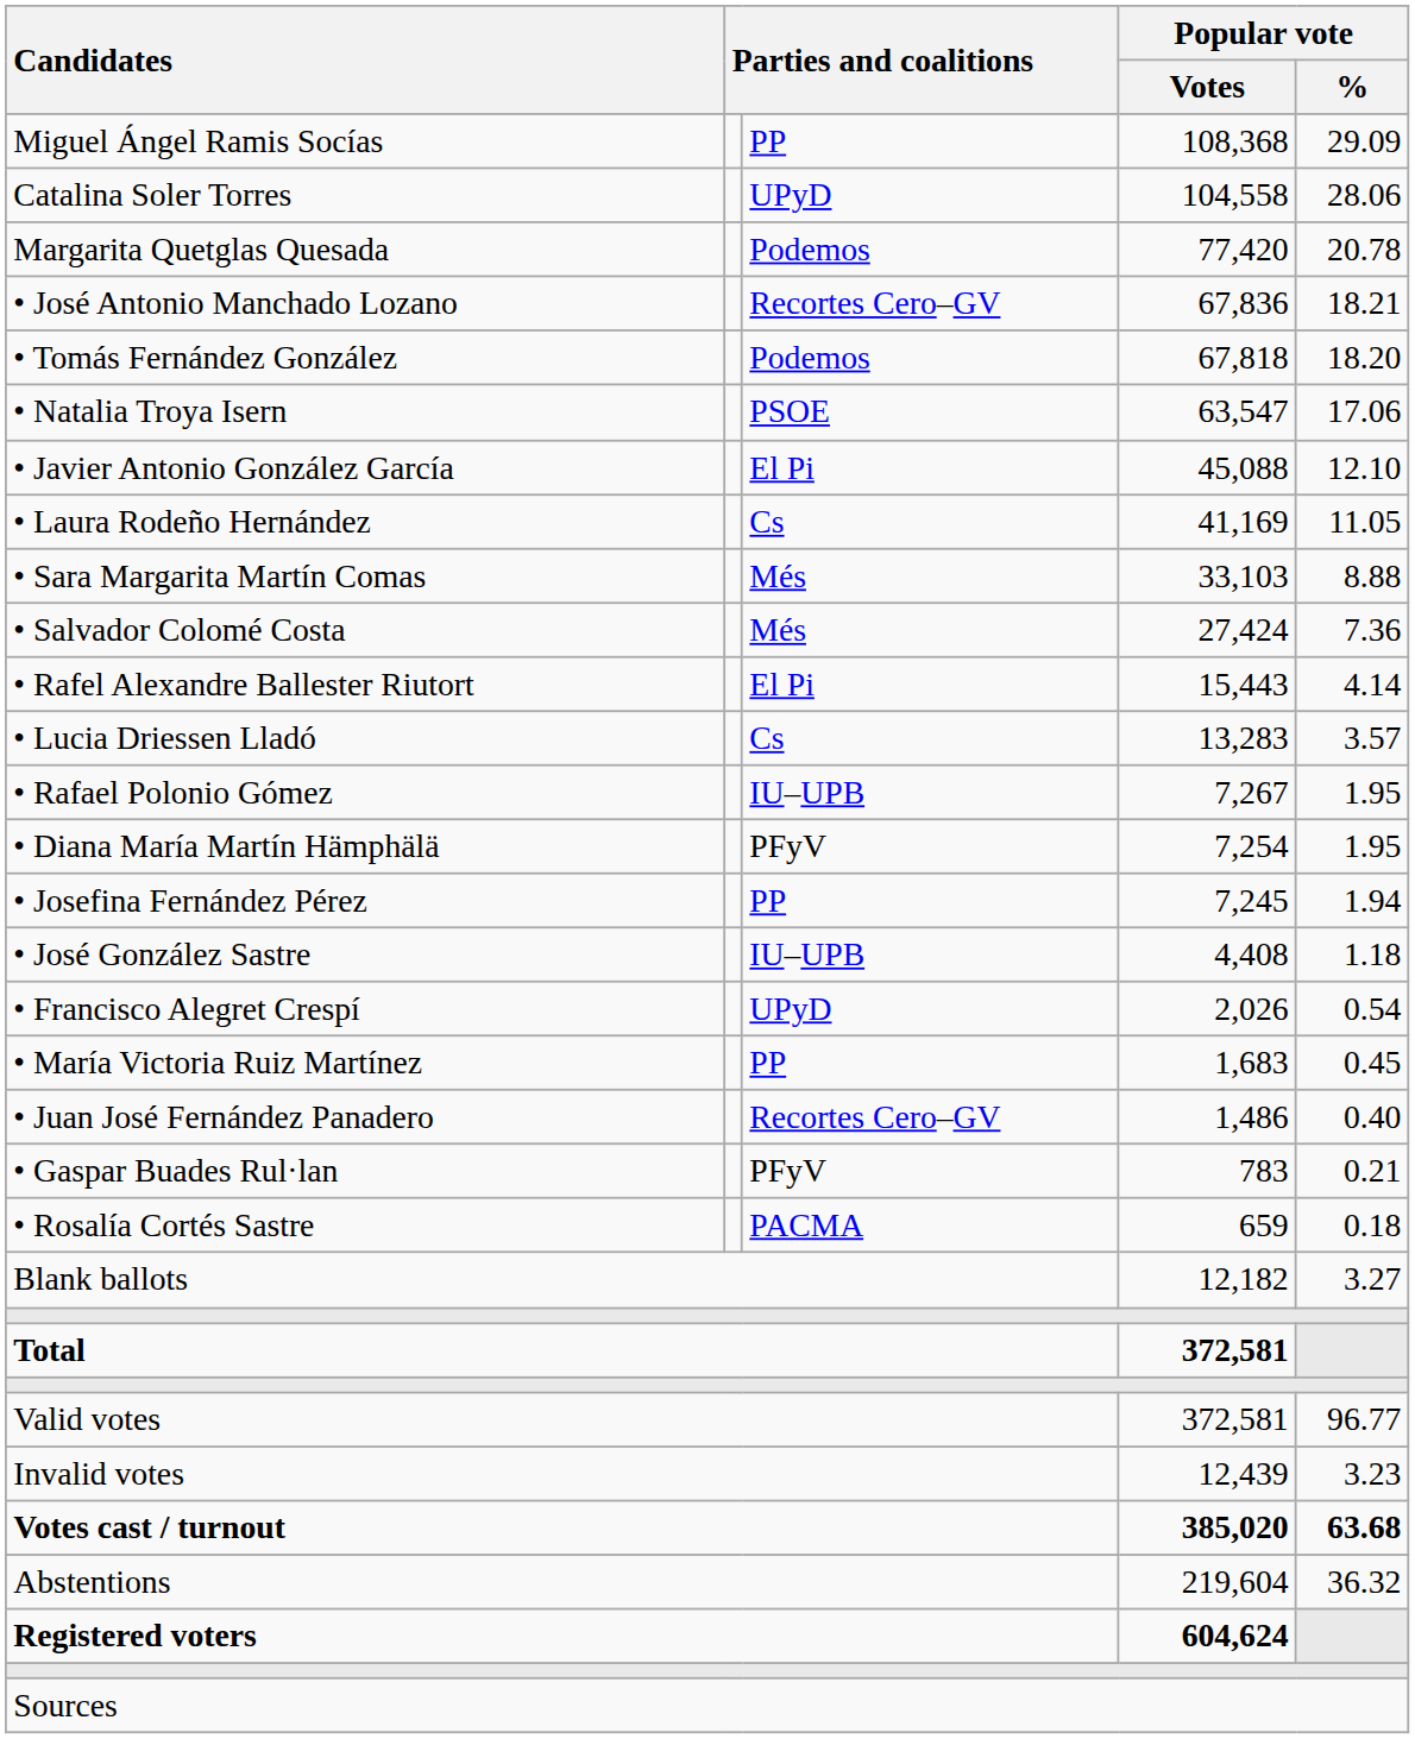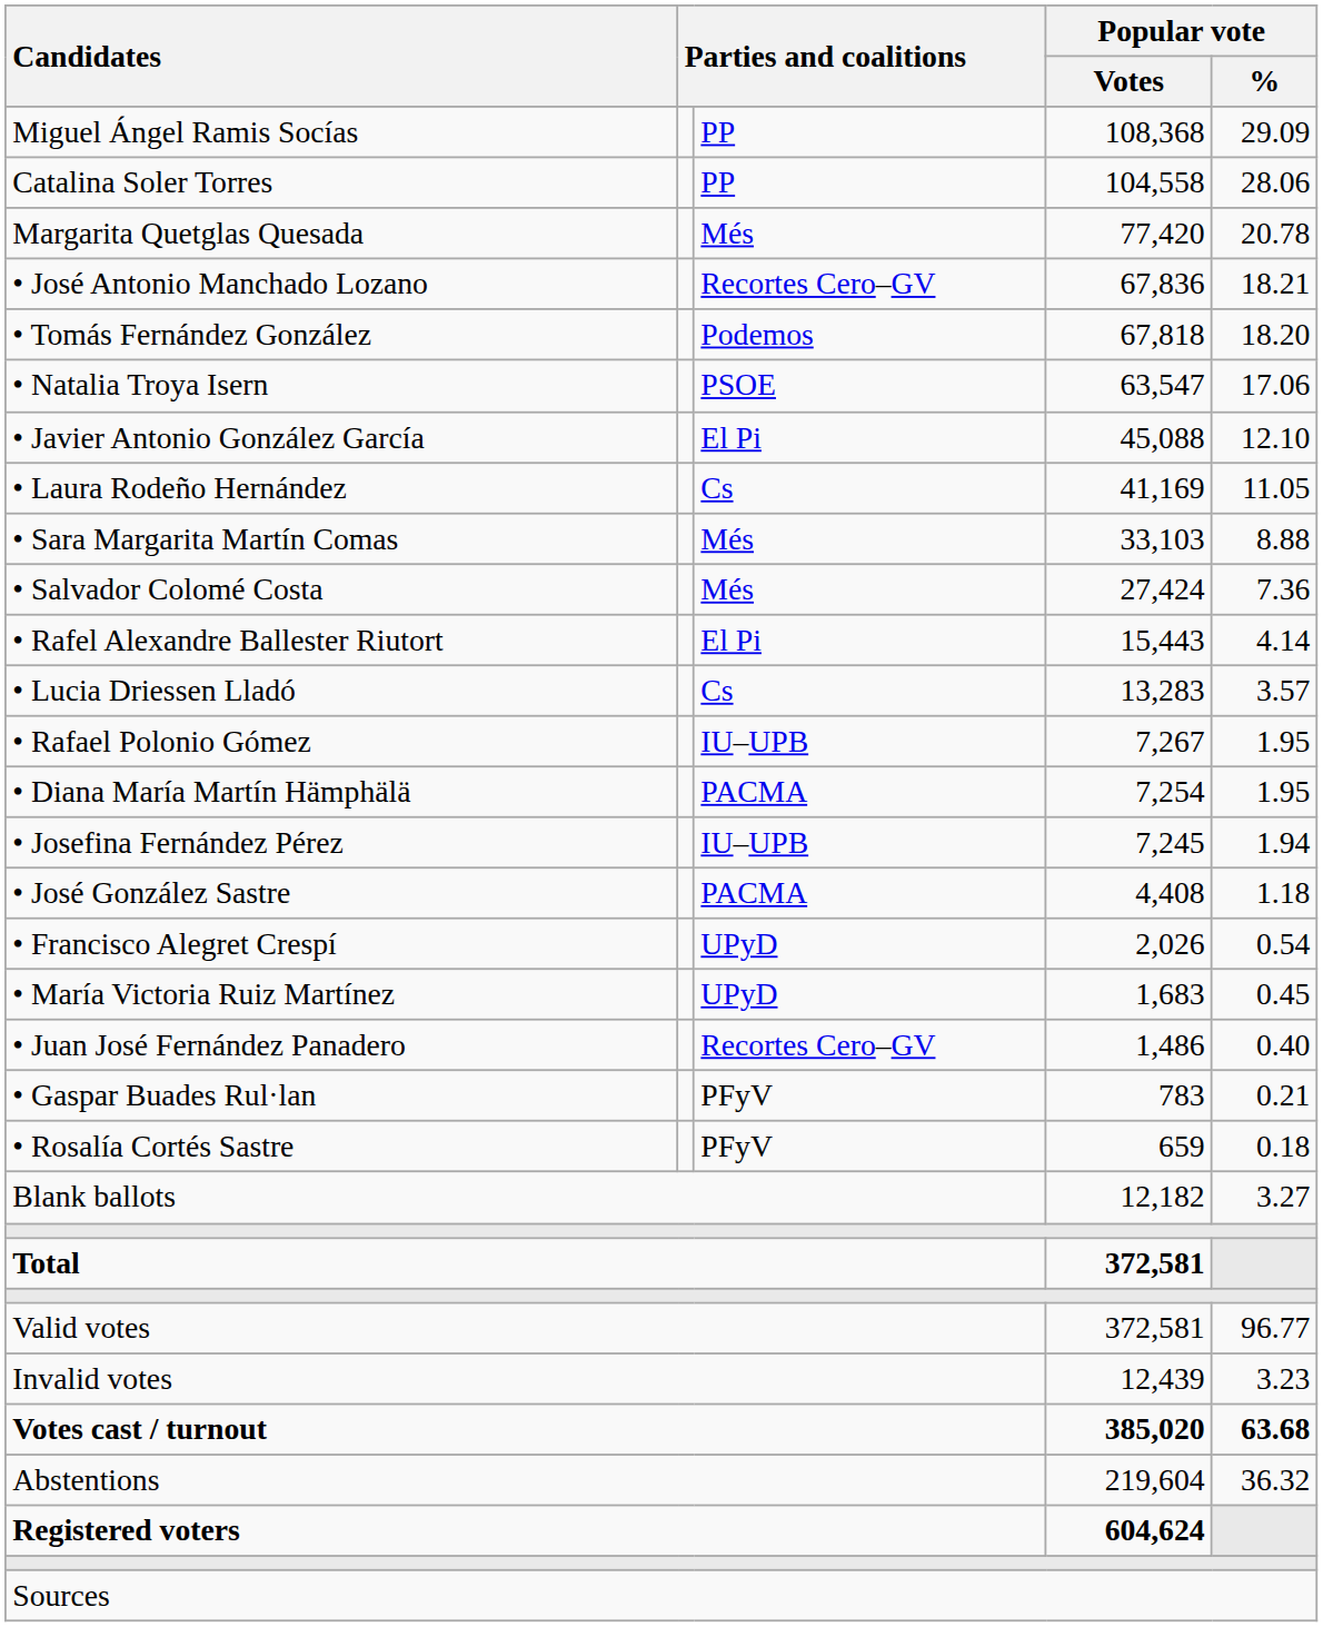 <table class="wikitable" style="text-align:right; font-size:95%;">
 <tr>
 <th style="text-align:left;" rowspan="2" width="325">Candidates</th>
 <th style="text-align:left;" rowspan="2" colspan="2" width="175">Parties and coalitions</th>
 <th colspan="2">Popular vote</th>
 </tr>
 <tr>
 <th width="75">Votes</th>
 <th width="45">%</th>
 </tr>
 <tr>
 <td align="left"> Miguel Ángel Ramis Socías</td>
 <td width="1" style="color:inherit;background:"></td>
 <td align="left"><a href='#'>PP</a></td>
 <td>108,368</td>
 <td>29.09</td>
 </tr>
 <tr>
 <td align="left"> Catalina Soler Torres</td>
 <td style="color:inherit;background:"></td>
-<td align="left"><a href='#'>UPyD</a></td>
+<td align="left"><a href='#'>PP</a></td>
 <td>104,558</td>
 <td>28.06</td>
 </tr>
 <tr>
 <td align="left"> Margarita Quetglas Quesada</td>
 <td style="color:inherit;background:"></td>
-<td align="left"><a href='#'>Podemos</a></td>
+<td align="left"><a href='#'>Més</a></td>
 <td>77,420</td>
 <td>20.78</td>
 </tr>
 <tr>
 <td align="left">• José Antonio Manchado Lozano</td>
 <td style="color:inherit;background:"></td>
 <td align="left"><a href='#'>Recortes Cero</a>–<a href='#'>GV</a></td>
 <td>67,836</td>
 <td>18.21</td>
 </tr>
 <tr>
 <td align="left">• Tomás Fernández González</td>
 <td style="color:inherit;background:"></td>
 <td align="left"><a href='#'>Podemos</a></td>
 <td>67,818</td>
 <td>18.20</td>
 </tr>
 <tr>
 <td align="left">• Natalia Troya Isern</td>
 <td style="color:inherit;background:"></td>
 <td align="left"><a href='#'>PSOE</a></td>
 <td>63,547</td>
 <td>17.06</td>
 </tr>
 <tr>
 <td align="left">• Javier Antonio González García</td>
 <td style="color:inherit;background:"></td>
 <td align="left"><a href='#'>El Pi</a></td>
 <td>45,088</td>
 <td>12.10</td>
 </tr>
 <tr>
 <td align="left">• Laura Rodeño Hernández</td>
 <td style="color:inherit;background:"></td>
 <td align="left"><a href='#'>Cs</a></td>
 <td>41,169</td>
 <td>11.05</td>
 </tr>
 <tr>
 <td align="left">• Sara Margarita Martín Comas</td>
 <td style="color:inherit;background:"></td>
 <td align="left"><a href='#'>Més</a></td>
 <td>33,103</td>
 <td>8.88</td>
 </tr>
 <tr>
 <td align="left">• Salvador Colomé Costa</td>
 <td style="color:inherit;background:"></td>
 <td align="left"><a href='#'>Més</a></td>
 <td>27,424</td>
 <td>7.36</td>
 </tr>
 <tr>
 <td align="left">• Rafel Alexandre Ballester Riutort</td>
 <td style="color:inherit;background:"></td>
 <td align="left"><a href='#'>El Pi</a></td>
 <td>15,443</td>
 <td>4.14</td>
 </tr>
 <tr>
 <td align="left">• Lucia Driessen Lladó</td>
 <td style="color:inherit;background:"></td>
 <td align="left"><a href='#'>Cs</a></td>
 <td>13,283</td>
 <td>3.57</td>
 </tr>
 <tr>
 <td align="left">• Rafael Polonio Gómez</td>
 <td style="color:inherit;background:"></td>
 <td align="left"><a href='#'>IU</a>–<a href='#'>UPB</a></td>
 <td>7,267</td>
 <td>1.95</td>
 </tr>
 <tr>
 <td align="left">• Diana María Martín Hämphälä</td>
 <td style="color:inherit;background:"></td>
-<td align="left">PFyV</td>
+<td align="left"><a href='#'>PACMA</a></td>
 <td>7,254</td>
 <td>1.95</td>
 </tr>
 <tr>
 <td align="left">• Josefina Fernández Pérez</td>
 <td style="color:inherit;background:"></td>
-<td align="left"><a href='#'>PP</a></td>
+<td align="left"><a href='#'>IU</a>–<a href='#'>UPB</a></td>
 <td>7,245</td>
 <td>1.94</td>
 </tr>
 <tr>
 <td align="left">• José González Sastre</td>
 <td style="color:inherit;background:"></td>
-<td align="left"><a href='#'>IU</a>–<a href='#'>UPB</a></td>
+<td align="left"><a href='#'>PACMA</a></td>
 <td>4,408</td>
 <td>1.18</td>
 </tr>
 <tr>
 <td align="left">• Francisco Alegret Crespí</td>
 <td style="color:inherit;background:"></td>
 <td align="left"><a href='#'>UPyD</a></td>
 <td>2,026</td>
 <td>0.54</td>
 </tr>
 <tr>
 <td align="left">• María Victoria Ruiz Martínez</td>
 <td style="color:inherit;background:"></td>
-<td align="left"><a href='#'>PP</a></td>
+<td align="left"><a href='#'>UPyD</a></td>
 <td>1,683</td>
 <td>0.45</td>
 </tr>
 <tr>
 <td align="left">• Juan José Fernández Panadero</td>
 <td style="color:inherit;background:"></td>
 <td align="left"><a href='#'>Recortes Cero</a>–<a href='#'>GV</a></td>
 <td>1,486</td>
 <td>0.40</td>
 </tr>
 <tr>
 <td align="left">• Gaspar Buades Rul·lan</td>
 <td style="color:inherit;background:"></td>
 <td align="left">PFyV</td>
 <td>783</td>
 <td>0.21</td>
 </tr>
 <tr>
 <td align="left">• Rosalía Cortés Sastre</td>
 <td style="color:inherit;background:"></td>
-<td align="left"><a href='#'>PACMA</a></td>
+<td align="left">PFyV</td>
 <td>659</td>
 <td>0.18</td>
 </tr>
 <tr>
 <td align="left" colspan="3">Blank ballots</td>
 <td>12,182</td>
 <td>3.27</td>
 </tr>
 <tr>
 <td colspan="5" bgcolor="#E9E9E9"></td>
 </tr>
 <tr style="font-weight:bold;">
 <td align="left" colspan="3">Total</td>
 <td>372,581</td>
 <td bgcolor="#E9E9E9"></td>
 </tr>
 <tr>
 <td colspan="5" bgcolor="#E9E9E9"></td>
 </tr>
 <tr>
 <td align="left" colspan="3">Valid votes</td>
 <td>372,581</td>
 <td>96.77</td>
 </tr>
 <tr>
 <td align="left" colspan="3">Invalid votes</td>
 <td>12,439</td>
 <td>3.23</td>
 </tr>
 <tr style="font-weight:bold;">
 <td align="left" colspan="3">Votes cast / turnout</td>
 <td>385,020</td>
 <td>63.68</td>
 </tr>
 <tr>
 <td align="left" colspan="3">Abstentions</td>
 <td>219,604</td>
 <td>36.32</td>
 </tr>
 <tr style="font-weight:bold;">
 <td align="left" colspan="3">Registered voters</td>
 <td>604,624</td>
 <td bgcolor="#E9E9E9"></td>
 </tr>
 <tr>
 <td colspan="5" bgcolor="#E9E9E9"></td>
 </tr>
 <tr>
 <td align="left" colspan="5">Sources</td>
 </tr>
 </table>
